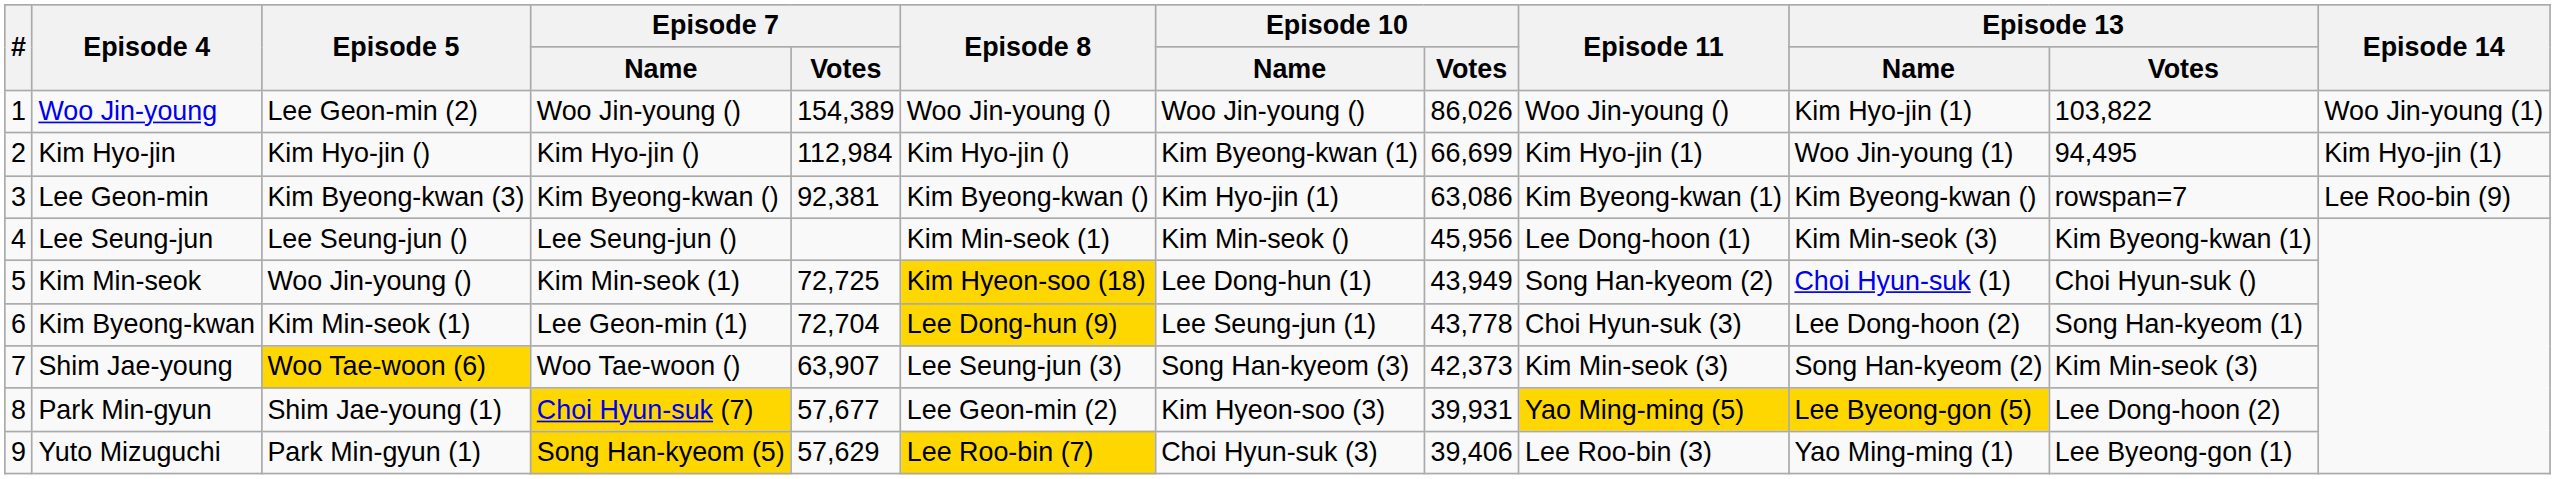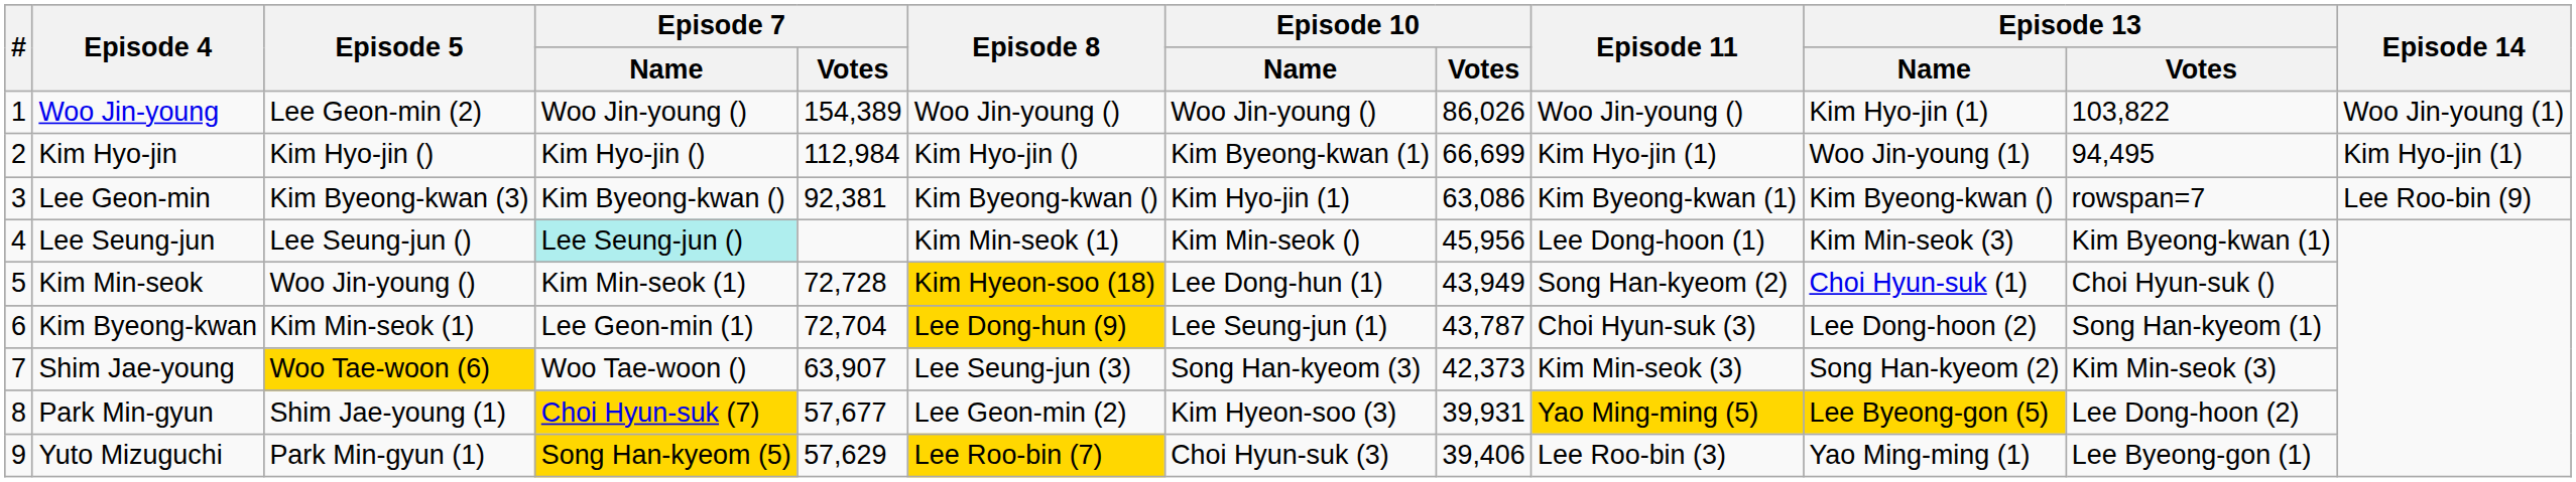 <table class="wikitable">
 <tr>
 <th rowspan="2">#</th>
 <th rowspan="2">Episode 4</th>
 <th rowspan="2">Episode 5</th>
 <th colspan="2">Episode 7</th>
 <th rowspan="2">Episode 8</th>
 <th colspan="2">Episode 10</th>
 <th rowspan="2">Episode 11</th>
 <th colspan="2">Episode 13</th>
 <th rowspan="2">Episode 14</th>
 </tr>
 <tr>
 <th>Name</th>
 <th>Votes</th>
 <th>Name</th>
 <th>Votes</th>
 <th>Name</th>
 <th>Votes</th>
 </tr>
 <tr>
 <td>1</td>
 <td><a href='#'>Woo Jin-young</a></td>
 <td>Lee Geon-min (2)</td>
 <td>Woo Jin-young ()</td>
 <td>154,389</td>
 <td>Woo Jin-young ()</td>
 <td>Woo Jin-young ()</td>
 <td>86,026</td>
 <td>Woo Jin-young ()</td>
 <td>Kim Hyo-jin (1)</td>
 <td>103,822</td>
 <td>Woo Jin-young (1)</td>
 </tr>
 <tr>
 <td>2</td>
 <td>Kim Hyo-jin</td>
 <td>Kim Hyo-jin ()</td>
 <td>Kim Hyo-jin ()</td>
 <td>112,984</td>
 <td>Kim Hyo-jin ()</td>
 <td>Kim Byeong-kwan (1)</td>
 <td>66,699</td>
 <td>Kim Hyo-jin (1)</td>
 <td>Woo Jin-young (1)</td>
 <td>94,495</td>
 <td>Kim Hyo-jin (1)</td>
 </tr>
 <tr>
 <td>3</td>
 <td>Lee Geon-min</td>
 <td>Kim Byeong-kwan (3)</td>
 <td>Kim Byeong-kwan ()</td>
 <td>92,381</td>
 <td>Kim Byeong-kwan ()</td>
 <td>Kim Hyo-jin (1)</td>
 <td>63,086</td>
 <td>Kim Byeong-kwan (1)</td>
 <td>Kim Byeong-kwan ()</td>
 <td>rowspan=7 </td>
 <td>Lee Roo-bin (9)</td>
 </tr>
 <tr>
 <td>4</td>
 <td>Lee Seung-jun</td>
 <td>Lee Seung-jun ()</td>
-<td>Lee Seung-jun ()</td>
+<td style="background: paleturquoise;">Lee Seung-jun ()</td>
 <td></td>
 <td>Kim Min-seok (1)</td>
 <td>Kim Min-seok ()</td>
 <td>45,956</td>
 <td>Lee Dong-hoon (1)</td>
 <td>Kim Min-seok (3)</td>
 <td>Kim Byeong-kwan (1)</td>
 </tr>
 <tr>
 <td>5</td>
 <td>Kim Min-seok</td>
 <td>Woo Jin-young ()</td>
 <td>Kim Min-seok (1)</td>
-<td>72,725</td>
+<td>72,728</td>
 <td style="background:gold">Kim Hyeon-soo (18)</td>
 <td>Lee Dong-hun (1)</td>
 <td>43,949</td>
 <td>Song Han-kyeom (2)</td>
 <td><a href='#'>Choi Hyun-suk</a> (1)</td>
 <td>Choi Hyun-suk ()</td>
 </tr>
 <tr>
 <td>6</td>
 <td>Kim Byeong-kwan</td>
 <td>Kim Min-seok (1)</td>
 <td>Lee Geon-min (1)</td>
 <td>72,704</td>
 <td style="background:gold">Lee Dong-hun (9)</td>
 <td>Lee Seung-jun (1)</td>
-<td>43,778</td>
+<td>43,787</td>
 <td>Choi Hyun-suk (3)</td>
 <td>Lee Dong-hoon (2)</td>
 <td>Song Han-kyeom (1)</td>
 </tr>
 <tr>
 <td>7</td>
 <td>Shim Jae-young</td>
 <td style="background:gold">Woo Tae-woon (6)</td>
 <td>Woo Tae-woon ()</td>
 <td>63,907</td>
 <td>Lee Seung-jun (3)</td>
 <td>Song Han-kyeom (3)</td>
 <td>42,373</td>
 <td>Kim Min-seok (3)</td>
 <td>Song Han-kyeom (2)</td>
 <td>Kim Min-seok (3)</td>
 </tr>
 <tr>
 <td>8</td>
 <td>Park Min-gyun</td>
 <td>Shim Jae-young (1)</td>
 <td style="background:gold"><a href='#'>Choi Hyun-suk</a> (7)</td>
 <td>57,677</td>
 <td>Lee Geon-min (2)</td>
 <td>Kim Hyeon-soo (3)</td>
 <td>39,931</td>
 <td style="background:gold">Yao Ming-ming (5)</td>
 <td style="background:gold">Lee Byeong-gon (5)</td>
 <td>Lee Dong-hoon (2)</td>
 </tr>
 <tr>
 <td>9</td>
 <td>Yuto Mizuguchi</td>
 <td>Park Min-gyun (1)</td>
 <td style="background:gold">Song Han-kyeom (5)</td>
 <td>57,629</td>
 <td style="background:gold">Lee Roo-bin (7)</td>
 <td>Choi Hyun-suk (3)</td>
 <td>39,406</td>
 <td>Lee Roo-bin (3)</td>
 <td>Yao Ming-ming (1)</td>
 <td>Lee Byeong-gon (1)</td>
 </tr>
 </table>
